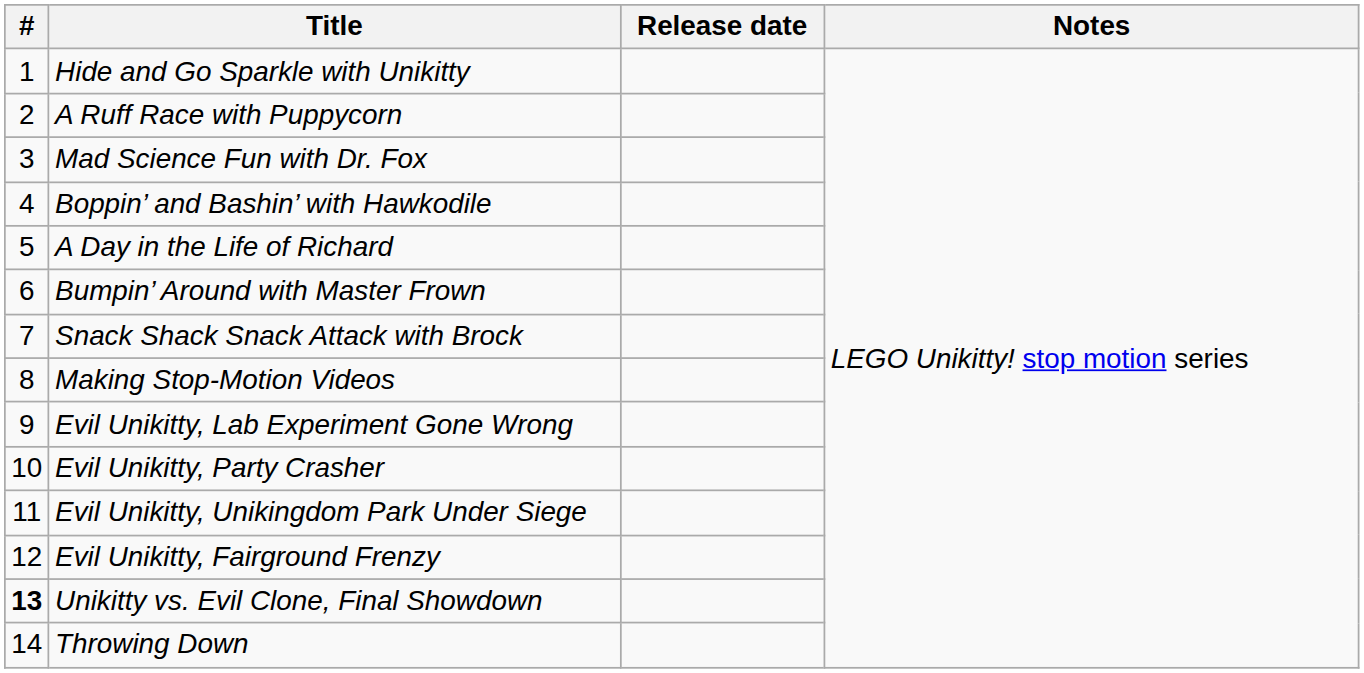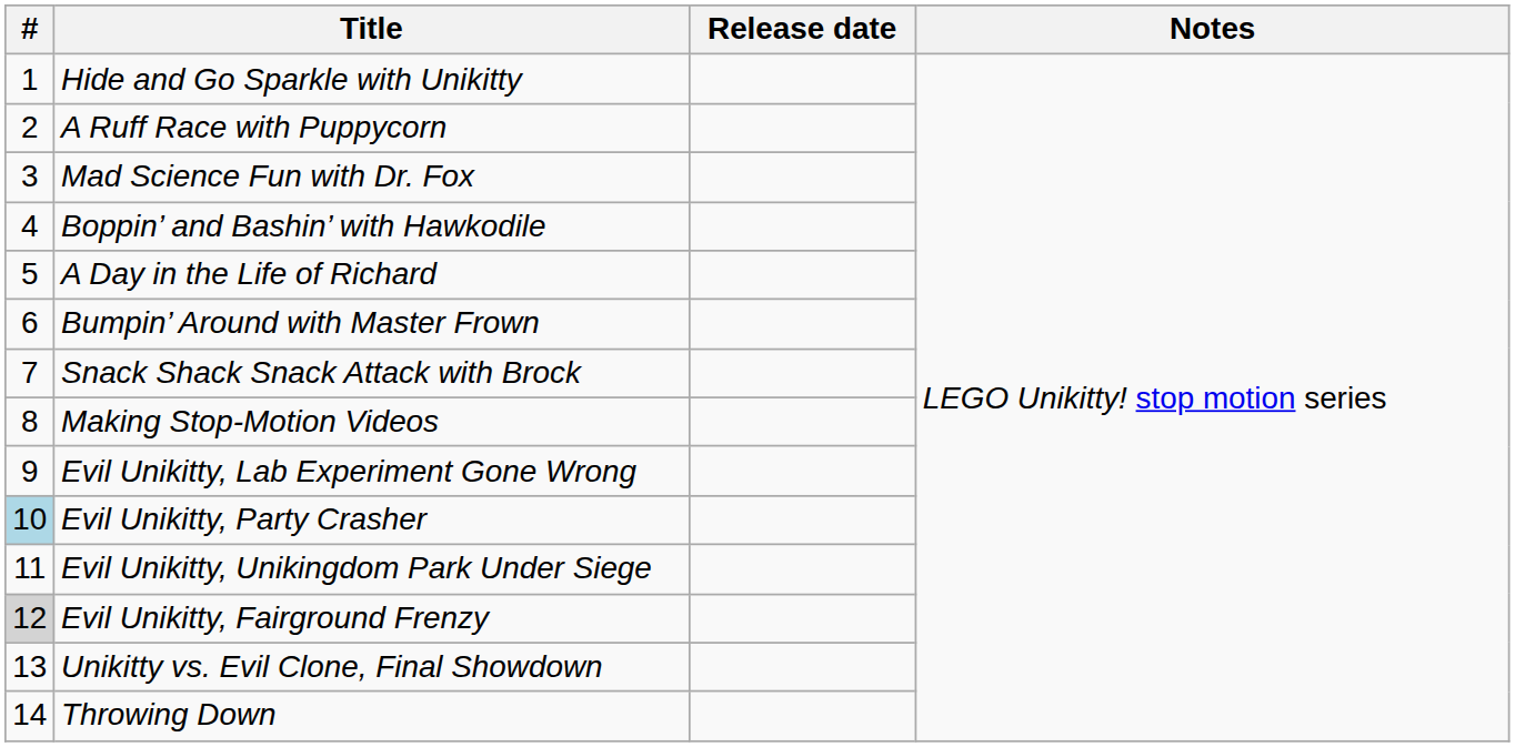 <table class="wikitable sortable">
 <tr>
 <th width=10>#</th>
 <th width=321>Title</th>
 <th width=110>Release date</th>
 <th width=300>Notes</th>
 </tr>
 <tr>
 <td align="center">1</td>
 <td><em>Hide and Go Sparkle with Unikitty</em></td>
 <td align="right"></td>
 <td rowspan="17"><em>LEGO Unikitty!</em> <a href='#'>stop motion</a> series</td>
 </tr>
 <tr>
 <td align="center">2</td>
 <td><em>A Ruff Race with Puppycorn</em></td>
 <td align="right"></td>
 </tr>
 <tr>
 <td align="center">3</td>
 <td><em>Mad Science Fun with Dr. Fox</em></td>
 <td align="right"></td>
 </tr>
 <tr>
 <td align="center">4</td>
 <td><em>Boppin’ and Bashin’ with Hawkodile</em></td>
 <td align="right"></td>
 </tr>
 <tr>
 <td align="center">5</td>
 <td><em>A Day in the Life of Richard</em></td>
 <td align="right"></td>
 </tr>
 <tr>
 <td align="center">6</td>
 <td><em>Bumpin’ Around with Master Frown</em></td>
 <td align="right"></td>
 </tr>
 <tr>
 <td align="center">7</td>
 <td><em>Snack Shack Snack Attack with Brock</em></td>
 <td align="right"></td>
 </tr>
 <tr>
 <td align="center">8</td>
 <td><em>Making Stop-Motion Videos</em></td>
 <td align="right"></td>
 </tr>
 <tr>
 <td align="center">9</td>
 <td><em>Evil Unikitty, Lab Experiment Gone Wrong</em></td>
 <td align="right"></td>
 </tr>
 <tr>
-<td align="center">10</td>
+<td align="center" style="background: lightblue;">10</td>
 <td><em>Evil Unikitty, Party Crasher</em></td>
 <td align="right"></td>
 </tr>
 <tr>
 <td align="center">11</td>
 <td><em>Evil Unikitty, Unikingdom Park Under Siege</em></td>
 <td align="right"></td>
 </tr>
 <tr>
-<td align="center">12</td>
+<td align="center" style="background: lightgrey;">12</td>
 <td><em>Evil Unikitty, Fairground Frenzy</em></td>
 <td align="right"></td>
 </tr>
 <tr>
-<td align="center"><strong>13</strong></td>
+<td align="center">13</td>
 <td><em>Unikitty vs. Evil Clone, Final Showdown</em></td>
 <td align="right"></td>
 </tr>
 <tr>
 <td align="center">14</td>
 <td><em>Throwing Down</em></td>
 <td align="right"></td>
 </tr>
 </table>
